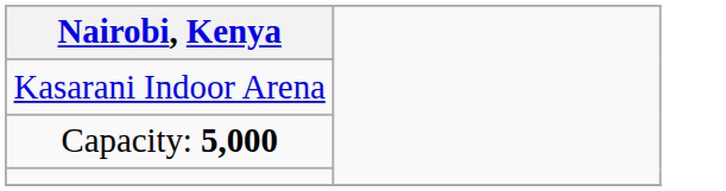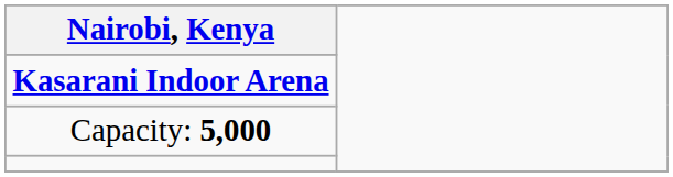 <table class=wikitable style=text-align:center>
 <tr>
 <th colspan="1"><a href='#'>Nairobi</a>, <a href='#'>Kenya</a></th>
 <td rowspan=4></td>
 </tr>
 <tr>
-<td width=50%><a href='#'>Kasarani Indoor Arena</a></td>
+<td width=50%><strong><a href='#'>Kasarani Indoor Arena</a></strong></td>
 </tr>
 <tr>
 <td>Capacity: <strong>5,000</strong></td>
 </tr>
 <tr>
 <td></td>
 </tr>
 <tr>
 </tr>
 </table>
